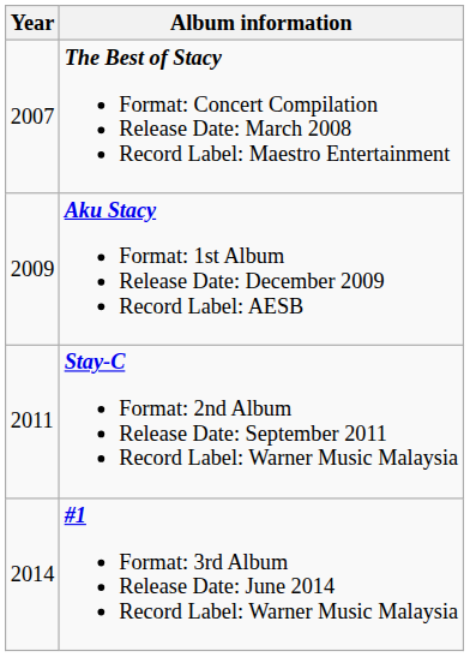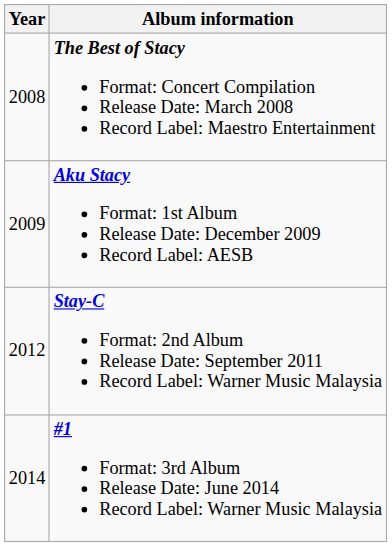 <table class="wikitable">
 <tr>
 <th>Year</th>
 <th>Album information</th>
 </tr>
 <tr>
-<td>2007</td>
+<td>2008</td>
 <td><strong><em>The Best of Stacy</em></strong><br><ul><li>Format: Concert Compilation</li><li>Release Date: March 2008</li><li>Record Label: Maestro Entertainment</li></ul></td>
 </tr>
 <tr>
 <td>2009</td>
 <td><strong><em><a href='#'>Aku Stacy</a></em></strong><br><ul><li>Format: 1st Album</li><li>Release Date: December 2009</li><li>Record Label: AESB</li></ul></td>
 </tr>
 <tr>
-<td>2011</td>
+<td>2012</td>
 <td><strong><em><a href='#'>Stay-C</a></em></strong><br><ul><li>Format: 2nd Album</li><li>Release Date: September 2011</li><li>Record Label: Warner Music Malaysia</li></ul></td>
 </tr>
 <tr>
 <td>2014</td>
 <td><strong><em><a href='#'>#1</a></em></strong><br><ul><li>Format: 3rd Album</li><li>Release Date: June 2014</li><li>Record Label: Warner Music Malaysia</li></ul></td>
 </tr>
 </table>
